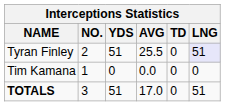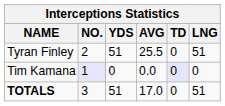 <table class="wikitable sortable collapsible collapsed">
 <tr>
 <th colspan="16">Interceptions Statistics</th>
 </tr>
 <tr>
 <th>NAME</th>
 <th>NO.</th>
 <th>YDS</th>
 <th>AVG</th>
 <th>TD</th>
 <th>LNG</th>
 </tr>
 <tr>
 <td>Tyran Finley</td>
 <td>2</td>
 <td>51</td>
 <td>25.5</td>
 <td>0</td>
-<td style="background: lavender;">51</td>
+<td>51</td>
 </tr>
 <tr>
 <td>Tim Kamana</td>
-<td>1</td>
+<td style="background: lavender;">1</td>
 <td>0</td>
 <td>0.0</td>
-<td>0</td>
+<td style="background: lavender;">0</td>
 <td>0</td>
 </tr>
 <tr>
 <td><strong>TOTALS</strong></td>
 <td>3</td>
 <td>51</td>
 <td>17.0</td>
 <td>0</td>
 <td>51</td>
 </tr>
 </table>
